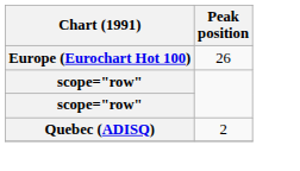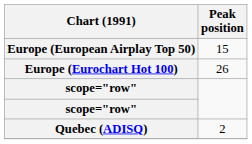 <table class="wikitable sortable plainrowheaders">
 <tr>
 <th align="left">Chart (1991)</th>
 <th align="center">Peak<br>position</th>
+</tr>
+<tr>
+<th scope="row">Europe (European Airplay Top 50)</th>
+<td align="center">15</td>
 </tr>
 <tr>
 <th scope="row">Europe (<a href='#'>Eurochart Hot 100</a>)</th>
 <td align="center">26</td>
 </tr>
 <tr>
 <th>scope="row"</th>
 </tr>
 <tr>
 <th>scope="row"</th>
 </tr>
 <tr>
 <th scope="row">Quebec (<a href='#'>ADISQ</a>)</th>
 <td align="center">2</td>
 </tr>
 <tr>
 </tr>
 </table>
